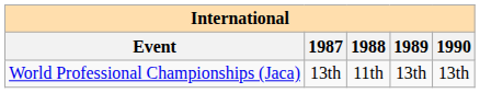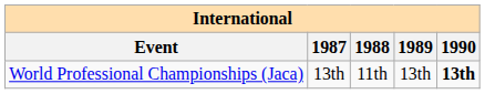 <table class="wikitable" style="text-align:center">
 <tr>
 <th style="background-color: #ffdead; " colspan=5 align=center>International</th>
 </tr>
 <tr>
 <th>Event</th>
 <th>1987</th>
 <th>1988</th>
 <th>1989</th>
 <th>1990</th>
 </tr>
 <tr>
 <td align=left><a href='#'>World Professional Championships (Jaca)</a></td>
 <td>13th</td>
 <td>11th</td>
 <td>13th</td>
-<td>13th</td>
+<td><strong>13th</strong></td>
 </tr>
 </table>
